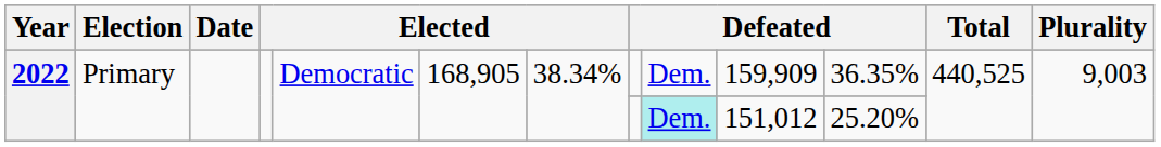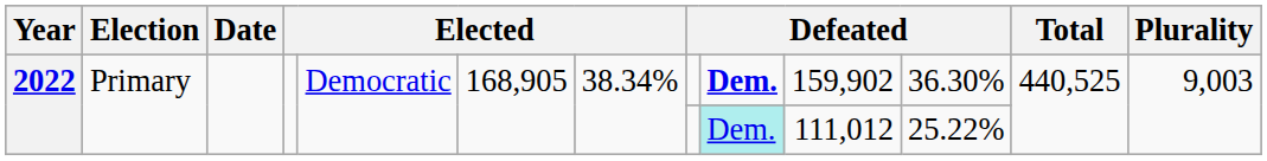 <table class="wikitable">
 <tr>
 <th>Year</th>
 <th>Election</th>
 <th>Date</th>
 <th colspan="4">Elected</th>
 <th colspan="4">Defeated</th>
 <th>Total</th>
 <th>Plurality</th>
 </tr>
 <tr>
 <th rowspan="2" valign="top"><a href='#'>2022</a></th>
 <td rowspan="2" valign="top">Primary</td>
 <td rowspan="2" valign="top"></td>
 <td rowspan="2" valign="top"></td>
 <td rowspan="2" valign="top" ><a href='#'>Democratic</a></td>
 <td rowspan="2" valign="top" align="right">168,905</td>
 <td rowspan="2" valign="top" align="right">38.34%</td>
 <td valign="top"></td>
-<td valign="top" ><a href='#'>Dem.</a></td>
-<td valign="top" align="right">159,909</td>
-<td valign="top" align="right">36.35%</td>
+<td valign="top" ><strong><a href='#'>Dem.</a></strong></td>
+<td valign="top" align="right">159,902</td>
+<td valign="top" align="right">36.30%</td>
 <td rowspan="2" valign="top" align="right">440,525</td>
 <td rowspan="2" valign="top" align="right">9,003</td>
 </tr>
 <tr>
 <td valign="top"></td>
 <td valign="top"  style="background: paleturquoise;"><a href='#'>Dem.</a></td>
-<td valign="top" align="right">151,012</td>
-<td valign="top" align="right">25.20%</td>
+<td valign="top" align="right">111,012</td>
+<td valign="top" align="right">25.22%</td>
 </tr>
 </table>
